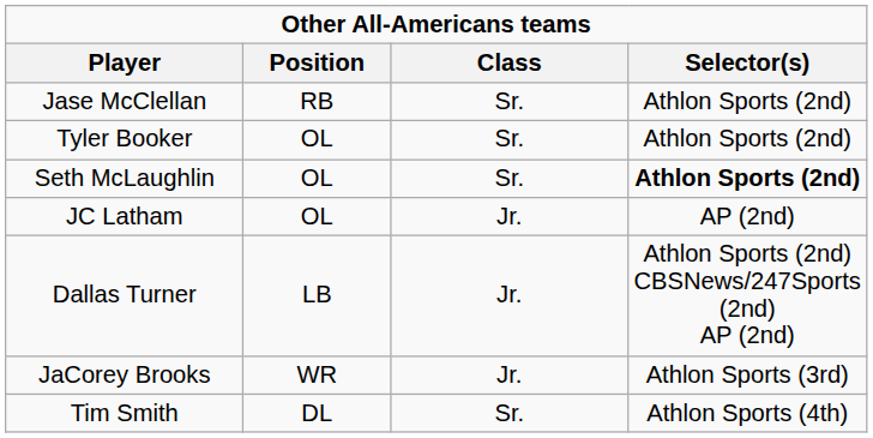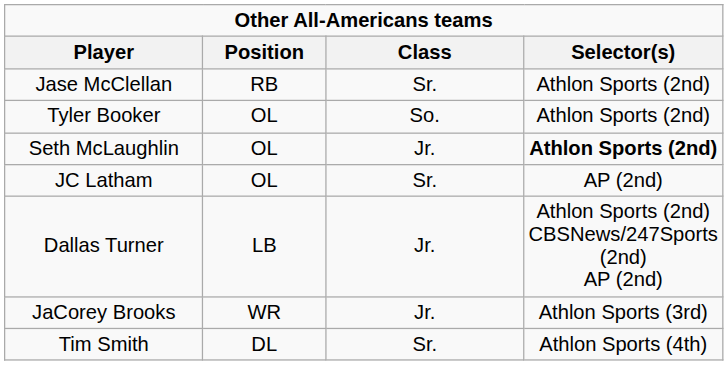 <table class="wikitable" style="text-align:center">
 <tr>
 <td colspan="6" style="text-align:center; "><strong>Other All-Americans teams</strong></td>
 </tr>
 <tr>
 <th style="width:150px; ">Player</th>
 <th style="width:90px; ">Position</th>
 <th style="width:150px; ">Class</th>
 <th style="width:150px; ">Selector(s)</th>
 </tr>
 <tr>
 <td>Jase McClellan</td>
 <td>RB</td>
 <td>Sr.</td>
 <td>Athlon Sports (2nd)</td>
 </tr>
 <tr>
 <td>Tyler Booker</td>
 <td>OL</td>
-<td>Sr.</td>
+<td>So.</td>
 <td>Athlon Sports (2nd)</td>
 </tr>
 <tr>
 <td>Seth McLaughlin</td>
 <td>OL</td>
-<td>Sr.</td>
+<td>Jr.</td>
 <td><strong>Athlon Sports (2nd)</strong></td>
 </tr>
 <tr>
 <td>JC Latham</td>
 <td>OL</td>
-<td>Jr.</td>
+<td>Sr.</td>
 <td>AP (2nd)</td>
 </tr>
 <tr>
 <td>Dallas Turner</td>
 <td>LB</td>
 <td>Jr.</td>
 <td>Athlon Sports (2nd) <br> CBSNews/247Sports (2nd)<br>AP (2nd)</td>
 </tr>
 <tr>
 <td>JaCorey Brooks</td>
 <td>WR</td>
 <td>Jr.</td>
 <td>Athlon Sports (3rd)</td>
 </tr>
 <tr>
 <td>Tim Smith</td>
 <td>DL</td>
 <td>Sr.</td>
 <td>Athlon Sports (4th)</td>
 </tr>
 </table>
